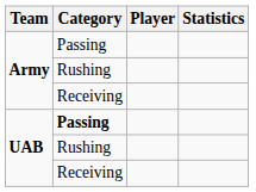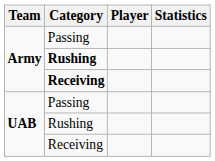 <table class="wikitable" style="float: left;">
 <tr>
 <th>Team</th>
 <th>Category</th>
 <th>Player</th>
 <th>Statistics</th>
 </tr>
 <tr>
 <td rowspan=3><strong>Army</strong></td>
 <td>Passing</td>
 <td></td>
 <td></td>
 </tr>
 <tr>
-<td>Rushing</td>
+<td><strong>Rushing</strong></td>
 <td></td>
 <td></td>
 </tr>
 <tr>
-<td>Receiving</td>
+<td><strong>Receiving</strong></td>
 <td></td>
 <td></td>
 </tr>
 <tr>
 <td rowspan=3><strong>UAB</strong></td>
-<td><strong>Passing</strong></td>
+<td>Passing</td>
 <td></td>
 <td></td>
 </tr>
 <tr>
 <td>Rushing</td>
 <td></td>
 <td></td>
 </tr>
 <tr>
 <td>Receiving</td>
 <td></td>
 <td></td>
 </tr>
 </table>
